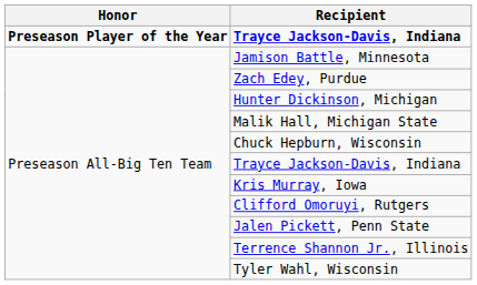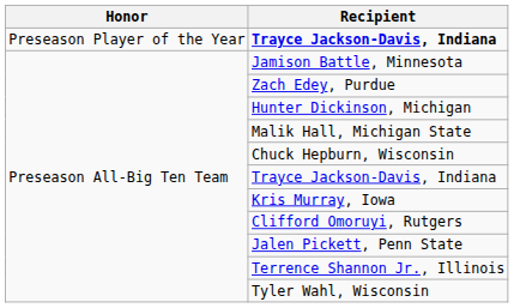 <table class="wikitable" border="1">
 <tr>
 <th>Honor</th>
 <th>Recipient</th>
 </tr>
 <tr>
-<td><strong>Preseason Player of the Year</strong></td>
+<td>Preseason Player of the Year</td>
 <td><strong><a href='#'>Trayce Jackson-Davis</a>, Indiana</strong></td>
 </tr>
 <tr>
 <td rowspan=11 valign=middle>Preseason All-Big Ten Team</td>
 <td><a href='#'>Jamison Battle</a>, Minnesota</td>
 </tr>
 <tr>
 <td><a href='#'>Zach Edey</a>, Purdue</td>
 </tr>
 <tr>
 <td><a href='#'>Hunter Dickinson</a>, Michigan</td>
 </tr>
 <tr>
 <td>Malik Hall, Michigan State</td>
 </tr>
 <tr>
 <td>Chuck Hepburn, Wisconsin</td>
 </tr>
 <tr>
 <td><a href='#'>Trayce Jackson-Davis</a>, Indiana</td>
 </tr>
 <tr>
 <td><a href='#'>Kris Murray</a>, Iowa</td>
 </tr>
 <tr>
 <td><a href='#'>Clifford Omoruyi</a>, Rutgers</td>
 </tr>
 <tr>
 <td><a href='#'>Jalen Pickett</a>, Penn State</td>
 </tr>
 <tr>
 <td><a href='#'>Terrence Shannon Jr.</a>, Illinois</td>
 </tr>
 <tr>
 <td>Tyler Wahl, Wisconsin</td>
 </tr>
 </table>
